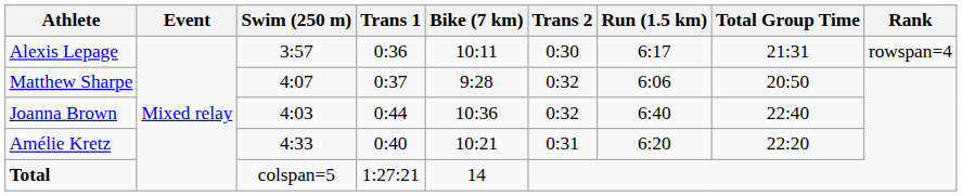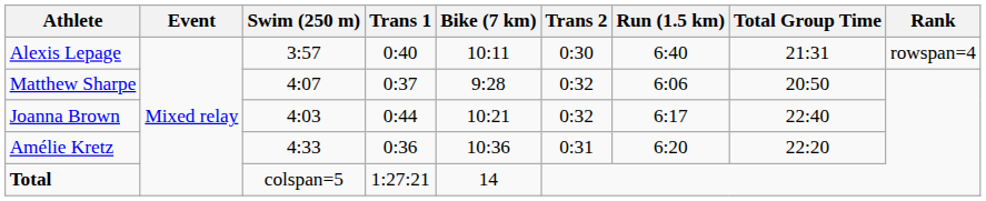 <table class="wikitable" style="font-size:90%;text-align:center;">
 <tr>
 <th>Athlete</th>
 <th>Event</th>
 <th>Swim (250 m)</th>
 <th>Trans 1</th>
 <th>Bike (7 km)</th>
 <th>Trans 2</th>
 <th>Run (1.5 km)</th>
 <th>Total Group Time</th>
 <th>Rank</th>
 </tr>
 <tr>
 <td align=left><a href='#'>Alexis Lepage</a></td>
 <td align=left rowspan=5><a href='#'>Mixed relay</a></td>
 <td>3:57</td>
-<td>0:36</td>
+<td>0:40</td>
 <td>10:11</td>
 <td>0:30</td>
-<td>6:17</td>
+<td>6:40</td>
 <td>21:31</td>
 <td>rowspan=4 </td>
 </tr>
 <tr>
 <td align=left><a href='#'>Matthew Sharpe</a></td>
 <td>4:07</td>
 <td>0:37</td>
 <td>9:28</td>
 <td>0:32</td>
 <td>6:06</td>
 <td>20:50</td>
 </tr>
 <tr>
 <td align=left><a href='#'>Joanna Brown</a></td>
 <td>4:03</td>
 <td>0:44</td>
-<td>10:36</td>
+<td>10:21</td>
 <td>0:32</td>
-<td>6:40</td>
+<td>6:17</td>
 <td>22:40</td>
 </tr>
 <tr>
 <td align=left><a href='#'>Amélie Kretz</a></td>
 <td>4:33</td>
-<td>0:40</td>
-<td>10:21</td>
+<td>0:36</td>
+<td>10:36</td>
 <td>0:31</td>
 <td>6:20</td>
 <td>22:20</td>
 </tr>
 <tr>
 <td align=left><strong>Total</strong></td>
 <td>colspan=5 </td>
 <td>1:27:21</td>
 <td>14</td>
 </tr>
 </table>
